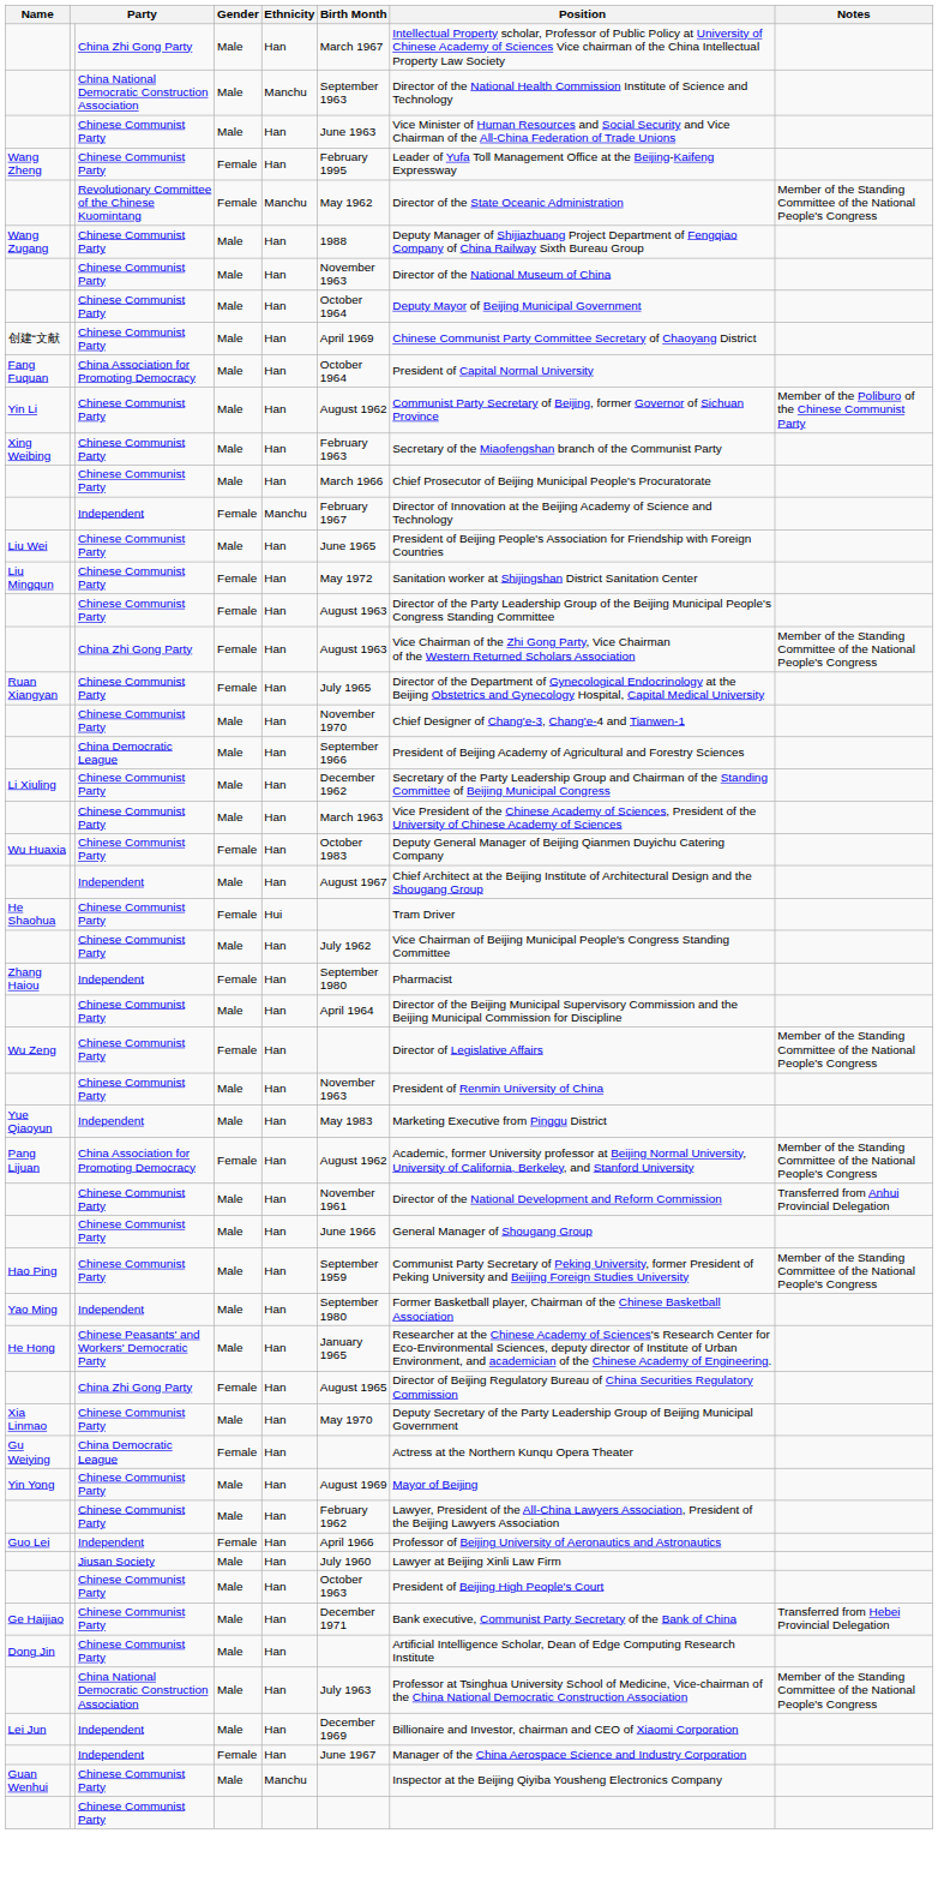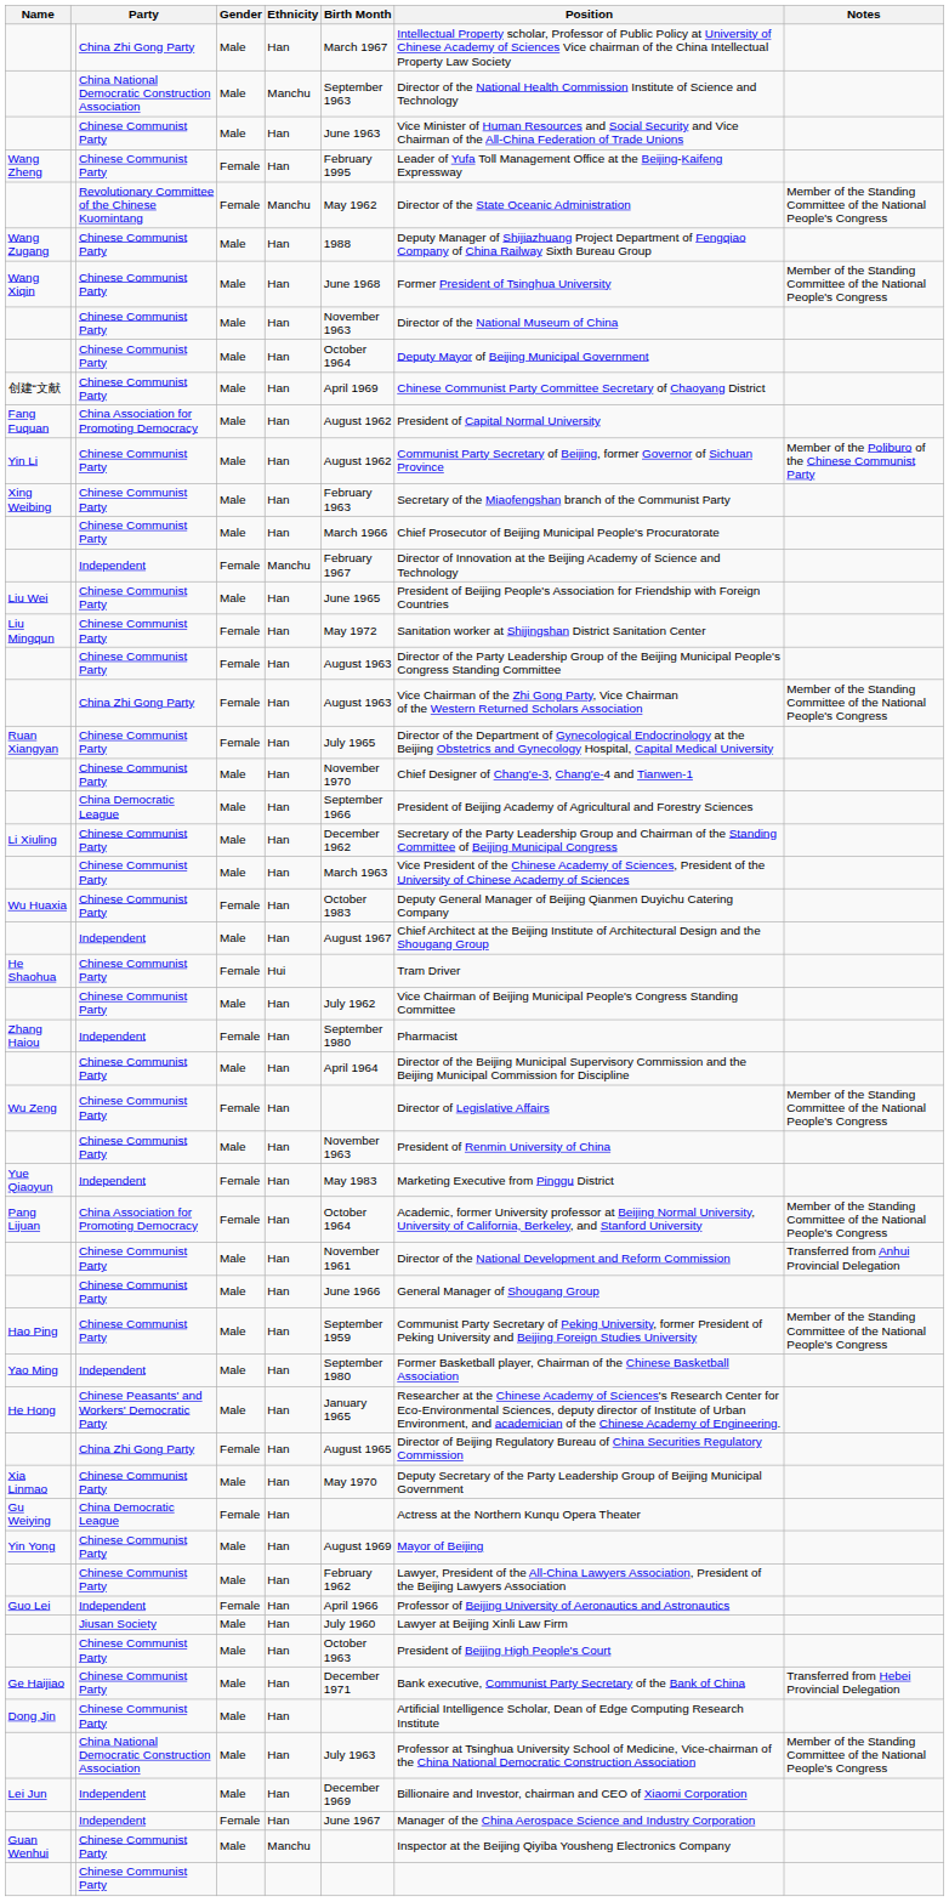 <table class="wikitable sortable mw-collapsible">
 <tr>
 <th>Name</th>
 <th colspan="2">Party</th>
 <th>Gender</th>
 <th>Ethnicity</th>
 <th>Birth Month</th>
 <th>Position</th>
 <th>Notes</th>
 </tr>
 <tr>
 <td></td>
 <td style="background: "></td>
 <td><a href='#'>China Zhi Gong Party</a></td>
 <td>Male</td>
 <td>Han</td>
 <td>March 1967</td>
 <td><a href='#'>Intellectual Property</a> scholar, Professor of Public Policy at <a href='#'>University of Chinese Academy of Sciences</a> Vice chairman of the China Intellectual Property Law Society</td>
 <td></td>
 </tr>
 <tr>
 <td></td>
 <td style="background: "></td>
 <td><a href='#'>China National Democratic Construction Association</a></td>
 <td>Male</td>
 <td>Manchu</td>
 <td>September 1963</td>
 <td>Director of the <a href='#'>National Health Commission</a> Institute of Science and Technology</td>
 <td></td>
 </tr>
 <tr>
 <td></td>
 <td style="background: "></td>
 <td><a href='#'>Chinese Communist Party</a></td>
 <td>Male</td>
 <td>Han</td>
 <td>June 1963</td>
 <td>Vice Minister of <a href='#'>Human Resources</a> and <a href='#'>Social Security</a> and Vice Chairman of the <a href='#'>All-China Federation of Trade Unions</a></td>
 <td></td>
 </tr>
 <tr>
 <td><a href='#'>Wang Zheng</a></td>
 <td style="background: "></td>
 <td><a href='#'>Chinese Communist Party</a></td>
 <td>Female</td>
 <td>Han</td>
 <td>February 1995</td>
 <td>Leader of <a href='#'>Yufa</a> Toll Management Office at the <a href='#'>Beijing</a>-<a href='#'>Kaifeng</a> Expressway</td>
 <td></td>
 </tr>
 <tr>
 <td></td>
 <td style="background: "></td>
 <td><a href='#'>Revolutionary Committee of the Chinese Kuomintang</a></td>
 <td>Female</td>
 <td>Manchu</td>
 <td>May 1962</td>
 <td>Director of the <a href='#'>State Oceanic Administration</a></td>
 <td>Member of the Standing Committee of the National People's Congress</td>
 </tr>
 <tr>
 <td><a href='#'>Wang Zugang</a></td>
 <td style="background: "></td>
 <td><a href='#'>Chinese Communist Party</a></td>
 <td>Male</td>
 <td>Han</td>
 <td>1988</td>
 <td>Deputy Manager of <a href='#'>Shijiazhuang</a> Project Department of <a href='#'>Fengqiao Company</a> of <a href='#'>China Railway</a> Sixth Bureau Group</td>
 <td></td>
 </tr>
 <tr>
+<td><a href='#'>Wang Xiqin</a></td>
+<td style="background: "></td>
+<td><a href='#'>Chinese Communist Party</a></td>
+<td>Male</td>
+<td>Han</td>
+<td>June 1968</td>
+<td>Former <a href='#'>President of Tsinghua University</a></td>
+<td>Member of the Standing Committee of the National People's Congress</td>
+</tr>
+<tr>
 <td></td>
 <td style="background: "></td>
 <td><a href='#'>Chinese Communist Party</a></td>
 <td>Male</td>
 <td>Han</td>
 <td>November 1963</td>
 <td>Director of the <a href='#'>National Museum of China</a></td>
 <td></td>
 </tr>
 <tr>
 <td></td>
 <td style="background: "></td>
 <td><a href='#'>Chinese Communist Party</a></td>
 <td>Male</td>
 <td>Han</td>
 <td>October 1964</td>
 <td><a href='#'>Deputy Mayor</a> of <a href='#'>Beijing Municipal Government</a></td>
 <td></td>
 </tr>
 <tr>
 <td>创建“文献</td>
 <td style="background: "></td>
 <td><a href='#'>Chinese Communist Party</a></td>
 <td>Male</td>
 <td>Han</td>
 <td>April 1969</td>
 <td><a href='#'>Chinese Communist Party Committee Secretary</a> of <a href='#'>Chaoyang</a> District</td>
 <td></td>
 </tr>
 <tr>
 <td><a href='#'>Fang Fuquan</a></td>
 <td style="background: "></td>
 <td><a href='#'>China Association for Promoting Democracy</a></td>
 <td>Male</td>
 <td>Han</td>
-<td>October 1964</td>
+<td>August 1962</td>
 <td>President of <a href='#'>Capital Normal University</a></td>
 <td></td>
 </tr>
 <tr>
 <td><a href='#'>Yin Li</a></td>
 <td style="background: "></td>
 <td><a href='#'>Chinese Communist Party</a></td>
 <td>Male</td>
 <td>Han</td>
 <td>August 1962</td>
 <td><a href='#'>Communist Party Secretary</a> of <a href='#'>Beijing</a>, former <a href='#'>Governor</a> of <a href='#'>Sichuan Province</a></td>
 <td>Member of the <a href='#'>Poliburo</a> of the <a href='#'>Chinese Communist Party</a></td>
 </tr>
 <tr>
 <td><a href='#'>Xing Weibing</a></td>
 <td style="background: "></td>
 <td><a href='#'>Chinese Communist Party</a></td>
 <td>Male</td>
 <td>Han</td>
 <td>February 1963</td>
 <td>Secretary of the <a href='#'>Miaofengshan</a> branch of the Communist Party</td>
 <td></td>
 </tr>
 <tr>
 <td></td>
 <td style="background: "></td>
 <td><a href='#'>Chinese Communist Party</a></td>
 <td>Male</td>
 <td>Han</td>
 <td>March 1966</td>
 <td>Chief Prosecutor of Beijing Municipal People's Procuratorate</td>
 <td></td>
 </tr>
 <tr>
 <td></td>
 <td></td>
 <td><a href='#'>Independent</a></td>
 <td>Female</td>
 <td>Manchu</td>
 <td>February 1967</td>
 <td>Director of Innovation at the Beijing Academy of Science and Technology</td>
 <td></td>
 </tr>
 <tr>
 <td><a href='#'>Liu Wei</a></td>
 <td style="background: "></td>
 <td><a href='#'>Chinese Communist Party</a></td>
 <td>Male</td>
 <td>Han</td>
 <td>June 1965</td>
 <td>President of Beijing People's Association for Friendship with Foreign Countries</td>
 <td></td>
 </tr>
 <tr>
 <td><a href='#'>Liu Mingqun</a></td>
 <td style="background: "></td>
 <td><a href='#'>Chinese Communist Party</a></td>
 <td>Female</td>
 <td>Han</td>
 <td>May 1972</td>
 <td>Sanitation worker at <a href='#'>Shijingshan</a> District Sanitation Center</td>
 <td></td>
 </tr>
 <tr>
 <td></td>
 <td style="background: "></td>
 <td><a href='#'>Chinese Communist Party</a></td>
 <td>Female</td>
 <td>Han</td>
 <td>August 1963</td>
 <td>Director of the Party Leadership Group of the Beijing Municipal People's Congress Standing Committee</td>
 <td></td>
 </tr>
 <tr>
 <td></td>
 <td style="background: "></td>
 <td><a href='#'>China Zhi Gong Party</a></td>
 <td>Female</td>
 <td>Han</td>
 <td>August 1963</td>
 <td>Vice Chairman of the <a href='#'>Zhi Gong Party</a>, Vice Chairman<br>of the <a href='#'>Western Returned Scholars Association</a></td>
 <td>Member of the Standing Committee of the National People's Congress</td>
 </tr>
 <tr>
 <td><a href='#'>Ruan Xiangyan</a></td>
 <td style="background: "></td>
 <td><a href='#'>Chinese Communist Party</a></td>
 <td>Female</td>
 <td>Han</td>
 <td>July 1965</td>
 <td>Director of the Department of <a href='#'>Gynecological Endocrinology</a> at the Beijing <a href='#'>Obstetrics and Gynecology</a> Hospital, <a href='#'>Capital Medical University</a></td>
 <td></td>
 </tr>
 <tr>
 <td></td>
 <td style="background: "></td>
 <td><a href='#'>Chinese Communist Party</a></td>
 <td>Male</td>
 <td>Han</td>
 <td>November 1970</td>
 <td>Chief Designer of <a href='#'>Chang'e-3</a>, <a href='#'>Chang'e-</a>4 and <a href='#'>Tianwen-1</a></td>
 <td></td>
 </tr>
 <tr>
 <td></td>
 <td style="background: "></td>
 <td><a href='#'>China Democratic League</a></td>
 <td>Male</td>
 <td>Han</td>
 <td>September 1966</td>
 <td>President of Beijing Academy of Agricultural and Forestry Sciences</td>
 <td></td>
 </tr>
 <tr>
 <td><a href='#'>Li Xiuling</a></td>
 <td style="background: "></td>
 <td><a href='#'>Chinese Communist Party</a></td>
 <td>Male</td>
 <td>Han</td>
 <td>December 1962</td>
 <td>Secretary of the Party Leadership Group and Chairman of the <a href='#'>Standing Committee</a> of <a href='#'>Beijing Municipal Congress</a></td>
 <td></td>
 </tr>
 <tr>
 <td></td>
 <td style="background: "></td>
 <td><a href='#'>Chinese Communist Party</a></td>
 <td>Male</td>
 <td>Han</td>
 <td>March 1963</td>
 <td>Vice President of the <a href='#'>Chinese Academy of Sciences</a>, President of the <a href='#'>University of Chinese Academy of Sciences</a></td>
 <td></td>
 </tr>
 <tr>
 <td><a href='#'>Wu Huaxia</a></td>
 <td style="background: "></td>
 <td><a href='#'>Chinese Communist Party</a></td>
 <td>Female</td>
 <td>Han</td>
 <td>October 1983</td>
 <td>Deputy General Manager of Beijing Qianmen Duyichu Catering Company</td>
 <td></td>
 </tr>
 <tr>
 <td></td>
 <td></td>
 <td><a href='#'>Independent</a></td>
 <td>Male</td>
 <td>Han</td>
 <td>August 1967</td>
 <td>Chief Architect at the Beijing Institute of Architectural Design and the<br><a href='#'>Shougang Group</a></td>
 <td></td>
 </tr>
 <tr>
 <td><a href='#'>He Shaohua</a></td>
 <td style="background: "></td>
 <td><a href='#'>Chinese Communist Party</a></td>
 <td>Female</td>
 <td>Hui</td>
 <td></td>
 <td>Tram Driver</td>
 <td></td>
 </tr>
 <tr>
 <td></td>
 <td style="background: "></td>
 <td><a href='#'>Chinese Communist Party</a></td>
 <td>Male</td>
 <td>Han</td>
 <td>July 1962</td>
 <td>Vice Chairman of Beijing Municipal People's Congress Standing Committee</td>
 <td></td>
 </tr>
 <tr>
 <td><a href='#'>Zhang Haiou</a></td>
 <td></td>
 <td><a href='#'>Independent</a></td>
 <td>Female</td>
 <td>Han</td>
 <td>September 1980</td>
 <td>Pharmacist</td>
 <td></td>
 </tr>
 <tr>
 <td></td>
 <td style="background: "></td>
 <td><a href='#'>Chinese Communist Party</a></td>
 <td>Male</td>
 <td>Han</td>
 <td>April 1964</td>
 <td>Director of the Beijing Municipal Supervisory Commission and the Beijing Municipal Commission for Discipline</td>
 <td></td>
 </tr>
 <tr>
 <td><a href='#'>Wu Zeng</a></td>
 <td style="background: "></td>
 <td><a href='#'>Chinese Communist Party</a></td>
 <td>Female</td>
 <td>Han</td>
 <td></td>
 <td>Director of <a href='#'>Legislative Affairs</a></td>
 <td>Member of the Standing Committee of the National People's Congress</td>
 </tr>
 <tr>
 <td></td>
 <td style="background: "></td>
 <td><a href='#'>Chinese Communist Party</a></td>
 <td>Male</td>
 <td>Han</td>
 <td>November 1963</td>
 <td>President of <a href='#'>Renmin University of China</a></td>
 <td></td>
 </tr>
 <tr>
 <td><a href='#'>Yue Qiaoyun</a></td>
 <td></td>
 <td><a href='#'>Independent</a></td>
-<td>Male</td>
+<td>Female</td>
 <td>Han</td>
 <td>May 1983</td>
 <td>Marketing Executive from <a href='#'>Pinggu</a> District</td>
 <td></td>
 </tr>
 <tr>
 <td><a href='#'>Pang Lijuan</a></td>
 <td style="background: "></td>
 <td><a href='#'>China Association for Promoting Democracy</a></td>
 <td>Female</td>
 <td>Han</td>
-<td>August 1962</td>
+<td>October 1964</td>
 <td>Academic, former University professor at <a href='#'>Beijing Normal University</a>, <a href='#'>University of California, Berkeley</a>, and <a href='#'>Stanford University</a></td>
 <td>Member of the Standing Committee of the National People's Congress</td>
 </tr>
 <tr>
 <td></td>
 <td style="background: "></td>
 <td><a href='#'>Chinese Communist Party</a></td>
 <td>Male</td>
 <td>Han</td>
 <td>November 1961</td>
 <td>Director of the <a href='#'>National Development and Reform Commission</a></td>
 <td>Transferred from <a href='#'>Anhui</a> Provincial Delegation</td>
 </tr>
 <tr>
 <td></td>
 <td style="background: "></td>
 <td><a href='#'>Chinese Communist Party</a></td>
 <td>Male</td>
 <td>Han</td>
 <td>June 1966</td>
 <td>General Manager of <a href='#'>Shougang Group</a></td>
 <td></td>
 </tr>
 <tr>
 <td><a href='#'>Hao Ping</a></td>
 <td style="background: "></td>
 <td><a href='#'>Chinese Communist Party</a></td>
 <td>Male</td>
 <td>Han</td>
 <td>September 1959</td>
 <td>Communist Party Secretary of <a href='#'>Peking University</a>, former President of Peking University and <a href='#'>Beijing Foreign Studies University</a></td>
 <td>Member of the Standing Committee of the National People's Congress</td>
 </tr>
 <tr>
 <td><a href='#'>Yao Ming</a></td>
 <td></td>
 <td><a href='#'>Independent</a></td>
 <td>Male</td>
 <td>Han</td>
 <td>September 1980</td>
 <td>Former Basketball player, Chairman of the <a href='#'>Chinese Basketball Association</a></td>
 <td></td>
 </tr>
 <tr>
 <td><a href='#'>He Hong</a></td>
 <td style="background: "></td>
 <td><a href='#'>Chinese Peasants' and Workers' Democratic Party</a></td>
 <td>Male</td>
 <td>Han</td>
 <td>January 1965</td>
 <td>Researcher at the <a href='#'>Chinese Academy of Sciences</a>'s Research Center for Eco-Environmental Sciences, deputy director of Institute of Urban Environment, and <a href='#'>academician</a> of the <a href='#'>Chinese Academy of Engineering</a>.</td>
 <td></td>
 </tr>
 <tr>
 <td></td>
 <td style="background: "></td>
 <td><a href='#'>China Zhi Gong Party</a></td>
 <td>Female</td>
 <td>Han</td>
 <td>August 1965</td>
 <td>Director of Beijing Regulatory Bureau of <a href='#'>China Securities Regulatory Commission</a></td>
 <td></td>
 </tr>
 <tr>
 <td><a href='#'>Xia Linmao</a></td>
 <td style="background: "></td>
 <td><a href='#'>Chinese Communist Party</a></td>
 <td>Male</td>
 <td>Han</td>
 <td>May 1970</td>
 <td>Deputy Secretary of the Party Leadership Group of Beijing Municipal Government</td>
 <td></td>
 </tr>
 <tr>
 <td><a href='#'>Gu Weiying</a></td>
 <td style="background: "></td>
 <td><a href='#'>China Democratic League</a></td>
 <td>Female</td>
 <td>Han</td>
 <td></td>
 <td>Actress at the Northern Kunqu Opera Theater</td>
 <td></td>
 </tr>
 <tr>
 <td><a href='#'>Yin Yong</a></td>
 <td style="background: "></td>
 <td><a href='#'>Chinese Communist Party</a></td>
 <td>Male</td>
 <td>Han</td>
 <td>August 1969</td>
 <td><a href='#'>Mayor of Beijing</a></td>
 <td></td>
 </tr>
 <tr>
 <td></td>
 <td style="background: "></td>
 <td><a href='#'>Chinese Communist Party</a></td>
 <td>Male</td>
 <td>Han</td>
 <td>February 1962</td>
 <td>Lawyer, President of the <a href='#'>All-China Lawyers Association</a>, President of the Beijing Lawyers Association</td>
 <td></td>
 </tr>
 <tr>
 <td><a href='#'>Guo Lei</a></td>
 <td></td>
 <td><a href='#'>Independent</a></td>
 <td>Female</td>
 <td>Han</td>
 <td>April 1966</td>
 <td>Professor of <a href='#'>Beijing University of Aeronautics and Astronautics</a></td>
 <td></td>
 </tr>
 <tr>
 <td></td>
 <td style="background: "></td>
 <td><a href='#'>Jiusan Society</a></td>
 <td>Male</td>
 <td>Han</td>
 <td>July 1960</td>
 <td>Lawyer at Beijing Xinli Law Firm</td>
 <td></td>
 </tr>
 <tr>
 <td></td>
 <td style="background: "></td>
 <td><a href='#'>Chinese Communist Party</a></td>
 <td>Male</td>
 <td>Han</td>
 <td>October 1963</td>
 <td>President of <a href='#'>Beijing High People's Court</a></td>
 <td></td>
 </tr>
 <tr>
 <td><a href='#'>Ge Haijiao</a></td>
 <td style="background: "></td>
 <td><a href='#'>Chinese Communist Party</a></td>
 <td>Male</td>
 <td>Han</td>
 <td>December 1971</td>
 <td>Bank executive, <a href='#'>Communist Party Secretary</a> of the <a href='#'>Bank of China</a></td>
 <td>Transferred from <a href='#'>Hebei</a> Provincial Delegation</td>
 </tr>
 <tr>
 <td><a href='#'>Dong Jin</a></td>
 <td style="background: "></td>
 <td><a href='#'>Chinese Communist Party</a></td>
 <td>Male</td>
 <td>Han</td>
 <td></td>
 <td>Artificial Intelligence Scholar, Dean of Edge Computing Research Institute</td>
 <td></td>
 </tr>
 <tr>
 <td></td>
 <td style="background: "></td>
 <td><a href='#'>China National Democratic Construction Association</a></td>
 <td>Male</td>
 <td>Han</td>
 <td>July 1963</td>
 <td>Professor at Tsinghua University School of Medicine, Vice-chairman of the <a href='#'>China National Democratic Construction Association</a></td>
 <td>Member of the Standing Committee of the National People's Congress</td>
 </tr>
 <tr>
 <td><a href='#'>Lei Jun</a></td>
 <td></td>
 <td><a href='#'>Independent</a></td>
 <td>Male</td>
 <td>Han</td>
 <td>December 1969</td>
 <td>Billionaire and Investor, chairman and CEO of <a href='#'>Xiaomi Corporation</a></td>
 <td></td>
 </tr>
 <tr>
 <td></td>
 <td></td>
 <td><a href='#'>Independent</a></td>
 <td>Female</td>
 <td>Han</td>
 <td>June 1967</td>
 <td>Manager of the <a href='#'>China Aerospace Science and Industry Corporation</a></td>
 <td></td>
 </tr>
 <tr>
 <td><a href='#'>Guan Wenhui</a></td>
 <td style="background: "></td>
 <td><a href='#'>Chinese Communist Party</a></td>
 <td>Male</td>
 <td>Manchu</td>
 <td></td>
 <td>Inspector at the Beijing Qiyiba Yousheng Electronics Company</td>
 <td></td>
 </tr>
 <tr>
 <td></td>
 <td style="background: "></td>
 <td><a href='#'>Chinese Communist Party</a></td>
 <td></td>
 <td></td>
 <td></td>
 <td></td>
 <td></td>
 </tr>
 </table>
